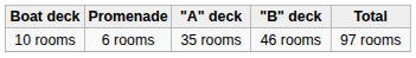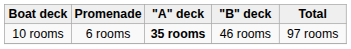 <table class="wikitable">
 <tr>
 <th style="background:#efefef; text-align:center; "><strong>Boat deck</strong></th>
 <th style="background:#efefef; text-align:center; "><strong>Promenade</strong></th>
 <th style="background:#efefef; text-align:center; "><strong>"A" deck</strong></th>
 <th style="background:#efefef; text-align:center; "><strong>"B" deck</strong></th>
 <th style="background:#efefef; text-align:center; "><strong>Total</strong></th>
 </tr>
 <tr>
 <td width=80px; align=center>10 rooms</td>
 <td width=80px; align=center>6 rooms</td>
-<td width=80px; align=center>35 rooms</td>
+<td width=80px; align=center><strong>35 rooms</strong></td>
 <td width=80px; align=center>46 rooms</td>
 <td width=80px; align=center>97 rooms</td>
 </tr>
 <tr>
 </tr>
 </table>
